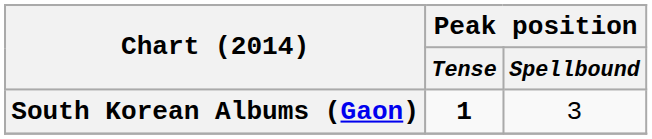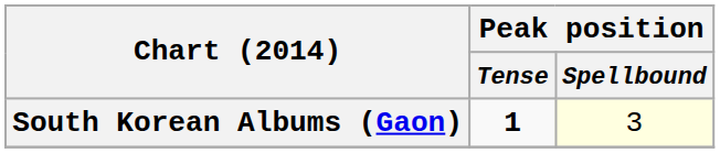 <table class="wikitable plainrowheaders" style="text-align:center;">
 <tr>
 <th scope="col" rowspan="2">Chart (2014)</th>
 <th scope="col" colspan="2">Peak position</th>
 </tr>
 <tr>
 <th><small><em>Tense</em></small></th>
 <th><small><em>Spellbound</em></small></th>
 </tr>
 <tr>
 <th scope="row">South Korean Albums (<a href='#'>Gaon</a>)</th>
 <td><strong>1</strong></td>
-<td>3</td>
+<td style="background: lightyellow;">3</td>
 </tr>
 <tr>
 </tr>
 </table>
